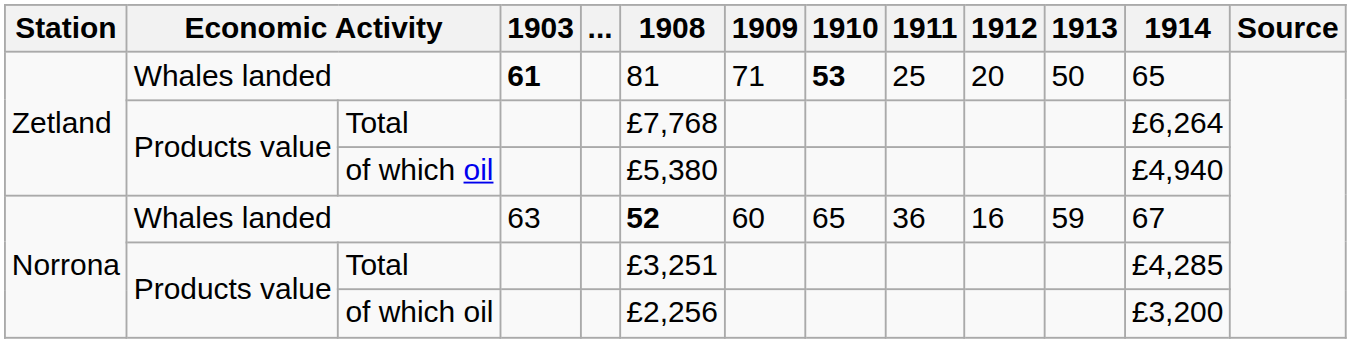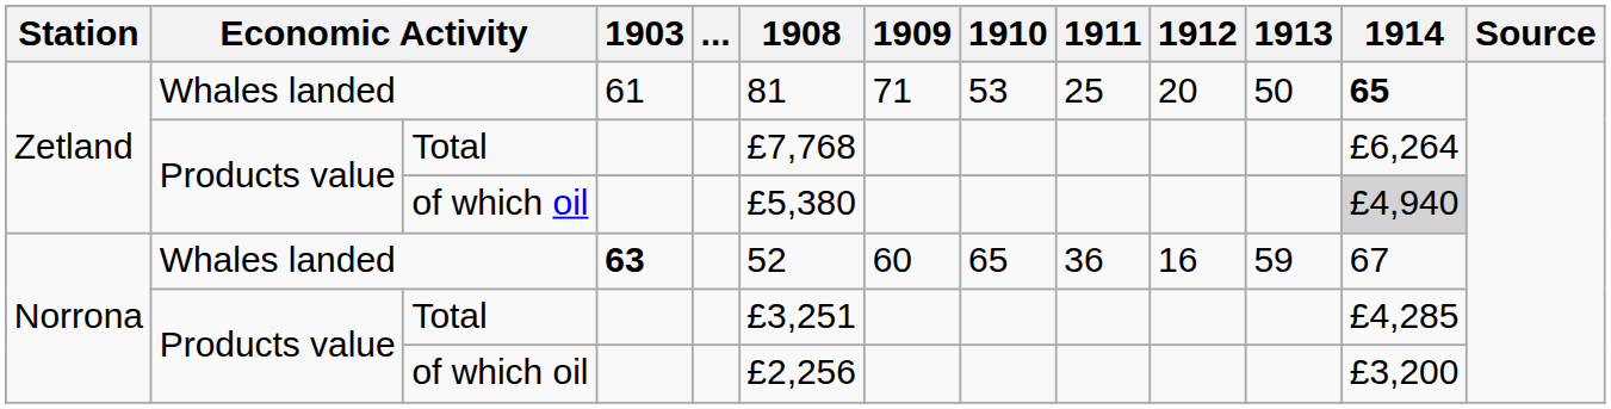 <table class="wikitable sortable mw-collapsible">
 <tr>
 <th>Station</th>
 <th colspan="2">Economic Activity</th>
 <th>1903</th>
 <th>...</th>
 <th>1908</th>
 <th>1909</th>
 <th>1910</th>
 <th>1911</th>
 <th>1912</th>
 <th>1913</th>
 <th>1914</th>
 <th>Source</th>
 </tr>
 <tr>
 <td rowspan="3">Zetland</td>
 <td colspan="2">Whales landed</td>
-<td><strong>61</strong></td>
+<td>61</td>
 <td></td>
 <td>81</td>
 <td>71</td>
-<td><strong>53</strong></td>
+<td>53</td>
 <td>25</td>
 <td>20</td>
 <td>50</td>
-<td>65</td>
+<td><strong>65</strong></td>
 <td rowspan="6"></td>
 </tr>
 <tr>
 <td rowspan="2">Products value</td>
 <td>Total</td>
 <td></td>
 <td></td>
 <td>£7,768</td>
 <td></td>
 <td></td>
 <td></td>
 <td></td>
 <td></td>
 <td>£6,264</td>
 </tr>
 <tr>
 <td>of which <a href='#'>oil</a></td>
 <td></td>
 <td></td>
 <td>£5,380</td>
 <td></td>
 <td></td>
 <td></td>
 <td></td>
 <td></td>
-<td>£4,940</td>
+<td style="background: lightgrey;">£4,940</td>
 </tr>
 <tr>
 <td rowspan="3">Norrona</td>
 <td colspan="2">Whales landed</td>
-<td>63</td>
+<td><strong>63</strong></td>
 <td></td>
-<td><strong>52</strong></td>
+<td>52</td>
 <td>60</td>
 <td>65</td>
 <td>36</td>
 <td>16</td>
 <td>59</td>
 <td>67</td>
 </tr>
 <tr>
 <td rowspan="2">Products value</td>
 <td>Total</td>
 <td></td>
 <td></td>
 <td>£3,251</td>
 <td></td>
 <td></td>
 <td></td>
 <td></td>
 <td></td>
 <td>£4,285</td>
 </tr>
 <tr>
 <td>of which oil</td>
 <td></td>
 <td></td>
 <td>£2,256</td>
 <td></td>
 <td></td>
 <td></td>
 <td></td>
 <td></td>
 <td>£3,200</td>
 </tr>
 </table>
